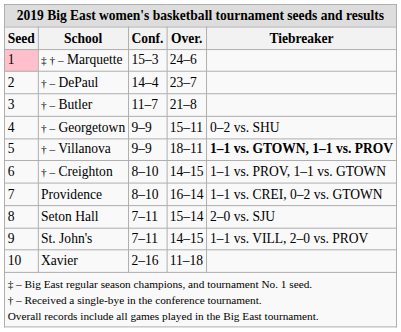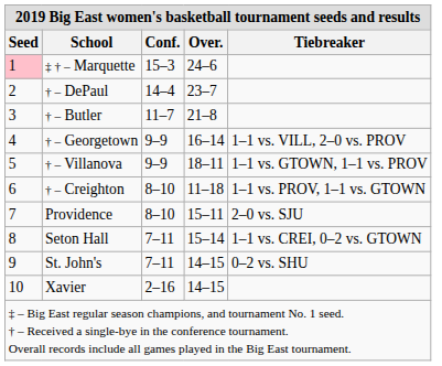 <table class="wikitable" style="white-space:nowrap; font-size:90%;">
 <tr>
 <td colspan="10" style="text-align:center; background:#DDDDDD; font:#000000"><strong>2019 Big East women's basketball tournament seeds and results</strong></td>
 </tr>
 <tr bgcolor="#efefef">
 <th>Seed</th>
 <th>School</th>
 <th>Conf.</th>
 <th>Over.</th>
 <th>Tiebreaker</th>
 </tr>
 <tr>
 <td style="background: pink;">1</td>
 <td><small>‡ † –</small>  Marquette</td>
 <td>15–3</td>
 <td>24–6</td>
 <td></td>
 </tr>
 <tr>
 <td>2</td>
 <td><small>† –</small>  DePaul</td>
 <td>14–4</td>
 <td>23–7</td>
 <td></td>
 </tr>
 <tr>
 <td>3</td>
 <td><small>† –</small>  Butler</td>
 <td>11–7</td>
 <td>21–8</td>
 <td></td>
 </tr>
 <tr>
 <td>4</td>
 <td><small>† –</small>  Georgetown</td>
 <td>9–9</td>
-<td>15–11</td>
-<td>0–2 vs. SHU</td>
+<td>16–14</td>
+<td>1–1 vs. VILL, 2–0 vs. PROV</td>
 </tr>
 <tr>
 <td>5</td>
 <td><small>† –</small>  Villanova</td>
 <td>9–9</td>
 <td>18–11</td>
-<td><strong>1–1 vs. GTOWN, 1–1 vs. PROV</strong></td>
+<td>1–1 vs. GTOWN, 1–1 vs. PROV</td>
 </tr>
 <tr>
 <td>6</td>
 <td><small>† –</small>  Creighton</td>
 <td>8–10</td>
-<td>14–15</td>
+<td>11–18</td>
 <td>1–1 vs. PROV, 1–1 vs. GTOWN</td>
 </tr>
 <tr>
 <td>7</td>
 <td>Providence</td>
 <td>8–10</td>
-<td>16–14</td>
-<td>1–1 vs. CREI, 0–2 vs. GTOWN</td>
+<td>15–11</td>
+<td>2–0 vs. SJU</td>
 </tr>
 <tr>
 <td>8</td>
 <td>Seton Hall</td>
 <td>7–11</td>
 <td>15–14</td>
-<td>2–0 vs. SJU</td>
+<td>1–1 vs. CREI, 0–2 vs. GTOWN</td>
 </tr>
 <tr>
 <td>9</td>
 <td>St. John's</td>
 <td>7–11</td>
 <td>14–15</td>
-<td>1–1 vs. VILL, 2–0 vs. PROV</td>
+<td>0–2 vs. SHU</td>
 </tr>
 <tr>
 <td>10</td>
 <td>Xavier</td>
 <td>2–16</td>
-<td>11–18</td>
+<td>14–15</td>
 <td></td>
 </tr>
 <tr>
 <td colspan="10" style="text-align:left;"><small>‡ – Big East regular season champions, and tournament No. 1 seed.<br>† – Received a single-bye in the conference tournament.<br>Overall records include all games played in the Big East tournament.</small></td>
 </tr>
 </table>
